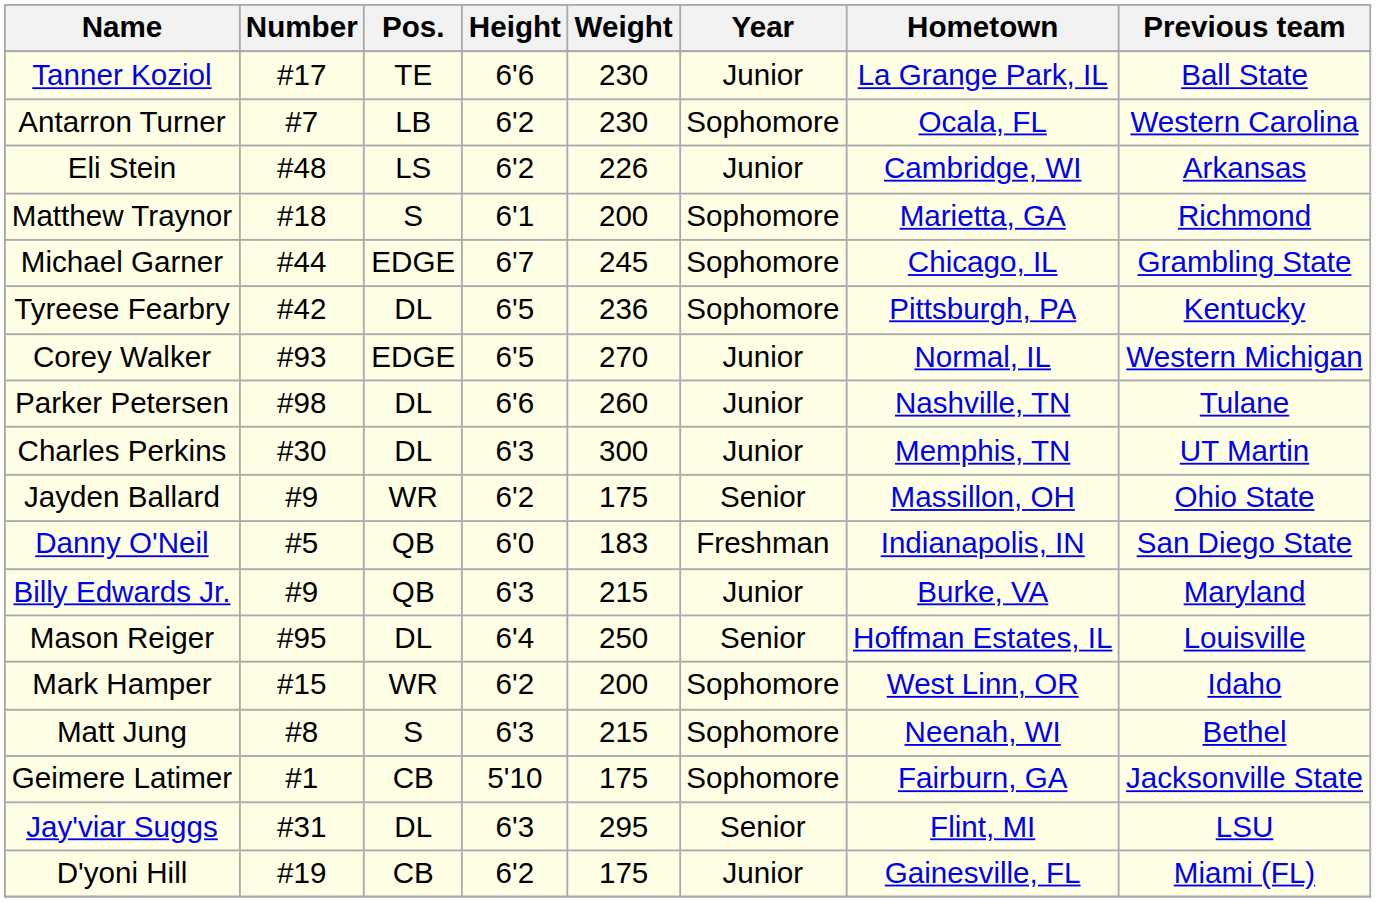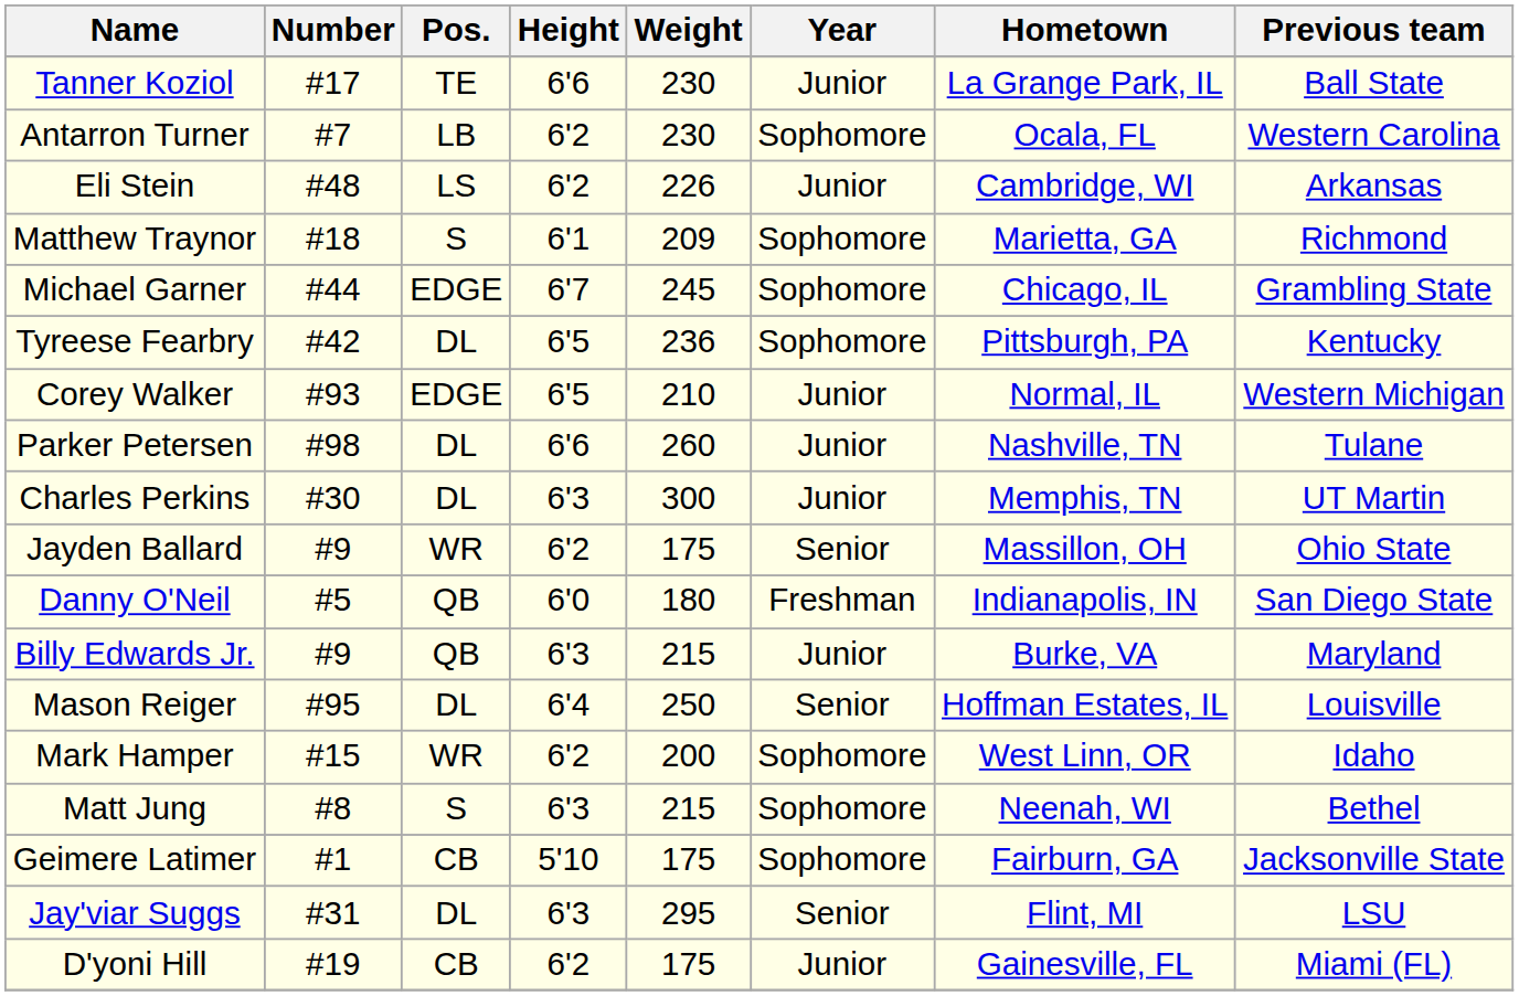 <table class="wikitable sortable sortable" style="text-align: center">
 <tr align=center>
 <th>Name</th>
 <th>Number</th>
 <th>Pos.</th>
 <th>Height</th>
 <th>Weight</th>
 <th>Year</th>
 <th>Hometown</th>
 <th>Previous team</th>
 </tr>
 <tr>
 </tr>
 <tr style="background:#FFFFE6;">
 <td><a href='#'>Tanner Koziol</a></td>
 <td>#17</td>
 <td>TE</td>
 <td>6'6</td>
 <td>230</td>
 <td>Junior </td>
 <td><a href='#'>La Grange Park, IL</a></td>
 <td><a href='#'>Ball State</a></td>
 </tr>
 <tr style="background:#FFFFE6;">
 <td>Antarron Turner</td>
 <td>#7</td>
 <td>LB</td>
 <td>6'2</td>
 <td>230</td>
 <td>Sophomore </td>
 <td><a href='#'>Ocala, FL</a></td>
 <td><a href='#'>Western Carolina</a></td>
 </tr>
 <tr style="background:#FFFFE6;">
 <td>Eli Stein</td>
 <td>#48</td>
 <td>LS</td>
 <td>6'2</td>
 <td>226</td>
 <td>Junior</td>
 <td><a href='#'>Cambridge, WI</a></td>
 <td><a href='#'>Arkansas</a></td>
 </tr>
 <tr style="background:#FFFFE6;">
 <td>Matthew Traynor</td>
 <td>#18</td>
 <td>S</td>
 <td>6'1</td>
-<td>200</td>
+<td>209</td>
 <td>Sophomore</td>
 <td><a href='#'>Marietta, GA</a></td>
 <td><a href='#'>Richmond</a></td>
 </tr>
 <tr style="background:#FFFFE6;">
 <td>Michael Garner</td>
 <td>#44</td>
 <td>EDGE</td>
 <td>6'7</td>
 <td>245</td>
 <td>Sophomore</td>
 <td><a href='#'>Chicago, IL</a></td>
 <td><a href='#'>Grambling State</a></td>
 </tr>
 <tr style="background:#FFFFE6;">
 <td>Tyreese Fearbry</td>
 <td>#42</td>
 <td>DL</td>
 <td>6'5</td>
 <td>236</td>
 <td>Sophomore </td>
 <td><a href='#'>Pittsburgh, PA</a></td>
 <td><a href='#'>Kentucky</a></td>
 </tr>
 <tr style="background:#FFFFE6;">
 <td>Corey Walker</td>
 <td>#93</td>
 <td>EDGE</td>
 <td>6'5</td>
-<td>270</td>
+<td>210</td>
 <td>Junior </td>
 <td><a href='#'>Normal, IL</a></td>
 <td><a href='#'>Western Michigan</a></td>
 </tr>
 <tr style="background:#FFFFE6;">
 <td>Parker Petersen</td>
 <td>#98</td>
 <td>DL</td>
 <td>6'6</td>
 <td>260</td>
 <td>Junior </td>
 <td><a href='#'>Nashville, TN</a></td>
 <td><a href='#'>Tulane</a></td>
 </tr>
 <tr style="background:#FFFFE6;">
 <td>Charles Perkins</td>
 <td>#30</td>
 <td>DL</td>
 <td>6'3</td>
 <td>300</td>
 <td>Junior</td>
 <td><a href='#'>Memphis, TN</a></td>
 <td><a href='#'>UT Martin</a></td>
 </tr>
 <tr style="background:#FFFFE6;">
 <td>Jayden Ballard</td>
 <td>#9</td>
 <td>WR</td>
 <td>6'2</td>
 <td>175</td>
 <td>Senior</td>
 <td><a href='#'>Massillon, OH</a></td>
 <td><a href='#'>Ohio State</a></td>
 </tr>
 <tr style="background:#FFFFE6;">
 <td><a href='#'>Danny O'Neil</a></td>
 <td>#5</td>
 <td>QB</td>
 <td>6'0</td>
-<td>183</td>
+<td>180</td>
 <td>Freshman</td>
 <td><a href='#'>Indianapolis, IN</a></td>
 <td><a href='#'>San Diego State</a></td>
 </tr>
 <tr style="background:#FFFFE6;">
 <td><a href='#'>Billy Edwards Jr.</a></td>
 <td>#9</td>
 <td>QB</td>
 <td>6'3</td>
 <td>215</td>
 <td>Junior </td>
 <td><a href='#'>Burke, VA</a></td>
 <td><a href='#'>Maryland</a></td>
 </tr>
 <tr style="background:#FFFFE6;">
 <td>Mason Reiger</td>
 <td>#95</td>
 <td>DL</td>
 <td>6'4</td>
 <td>250</td>
 <td>Senior</td>
 <td><a href='#'>Hoffman Estates, IL</a></td>
 <td><a href='#'>Louisville</a></td>
 </tr>
 <tr style="background:#FFFFE6;">
 <td>Mark Hamper</td>
 <td>#15</td>
 <td>WR</td>
 <td>6'2</td>
 <td>200</td>
 <td>Sophomore</td>
 <td><a href='#'>West Linn, OR</a></td>
 <td><a href='#'>Idaho</a></td>
 </tr>
 <tr style="background:#FFFFE6;">
 <td>Matt Jung</td>
 <td>#8</td>
 <td>S</td>
 <td>6'3</td>
 <td>215</td>
 <td>Sophomore</td>
 <td><a href='#'>Neenah, WI</a></td>
 <td><a href='#'>Bethel</a></td>
 </tr>
 <tr style="background:#FFFFE6;">
 <td>Geimere Latimer</td>
 <td>#1</td>
 <td>CB</td>
 <td>5'10</td>
 <td>175</td>
 <td>Sophomore</td>
 <td><a href='#'>Fairburn, GA</a></td>
 <td><a href='#'>Jacksonville State</a></td>
 </tr>
 <tr style="background:#FFFFE6;">
 <td><a href='#'>Jay'viar Suggs</a></td>
 <td>#31</td>
 <td>DL</td>
 <td>6'3</td>
 <td>295</td>
 <td>Senior </td>
 <td><a href='#'>Flint, MI</a></td>
 <td><a href='#'>LSU</a></td>
 </tr>
 <tr style="background:#FFFFE6;">
 <td>D'yoni Hill</td>
 <td>#19</td>
 <td>CB</td>
 <td>6'2</td>
 <td>175</td>
 <td>Junior</td>
 <td><a href='#'>Gainesville, FL</a></td>
 <td><a href='#'>Miami (FL)</a></td>
 </tr>
 <tr>
 </tr>
 </table>
